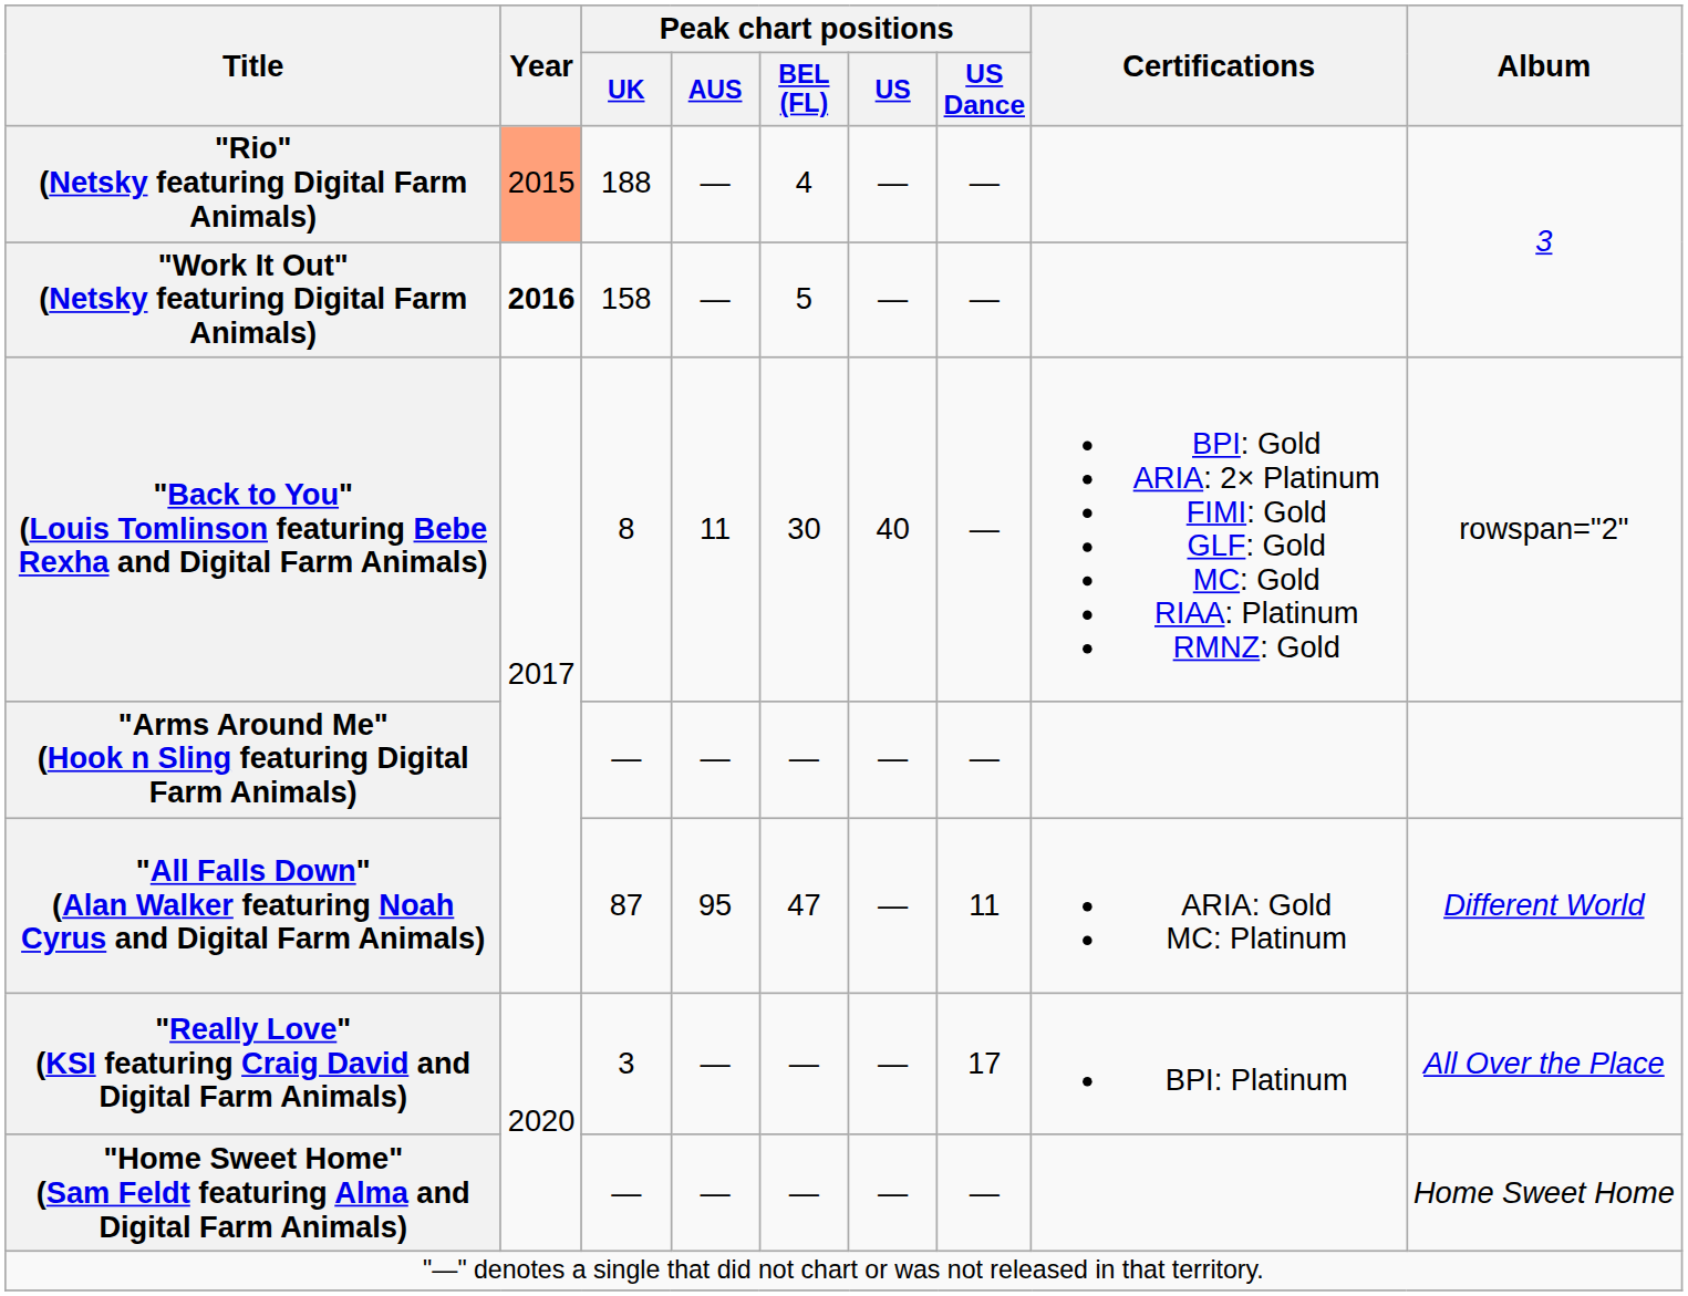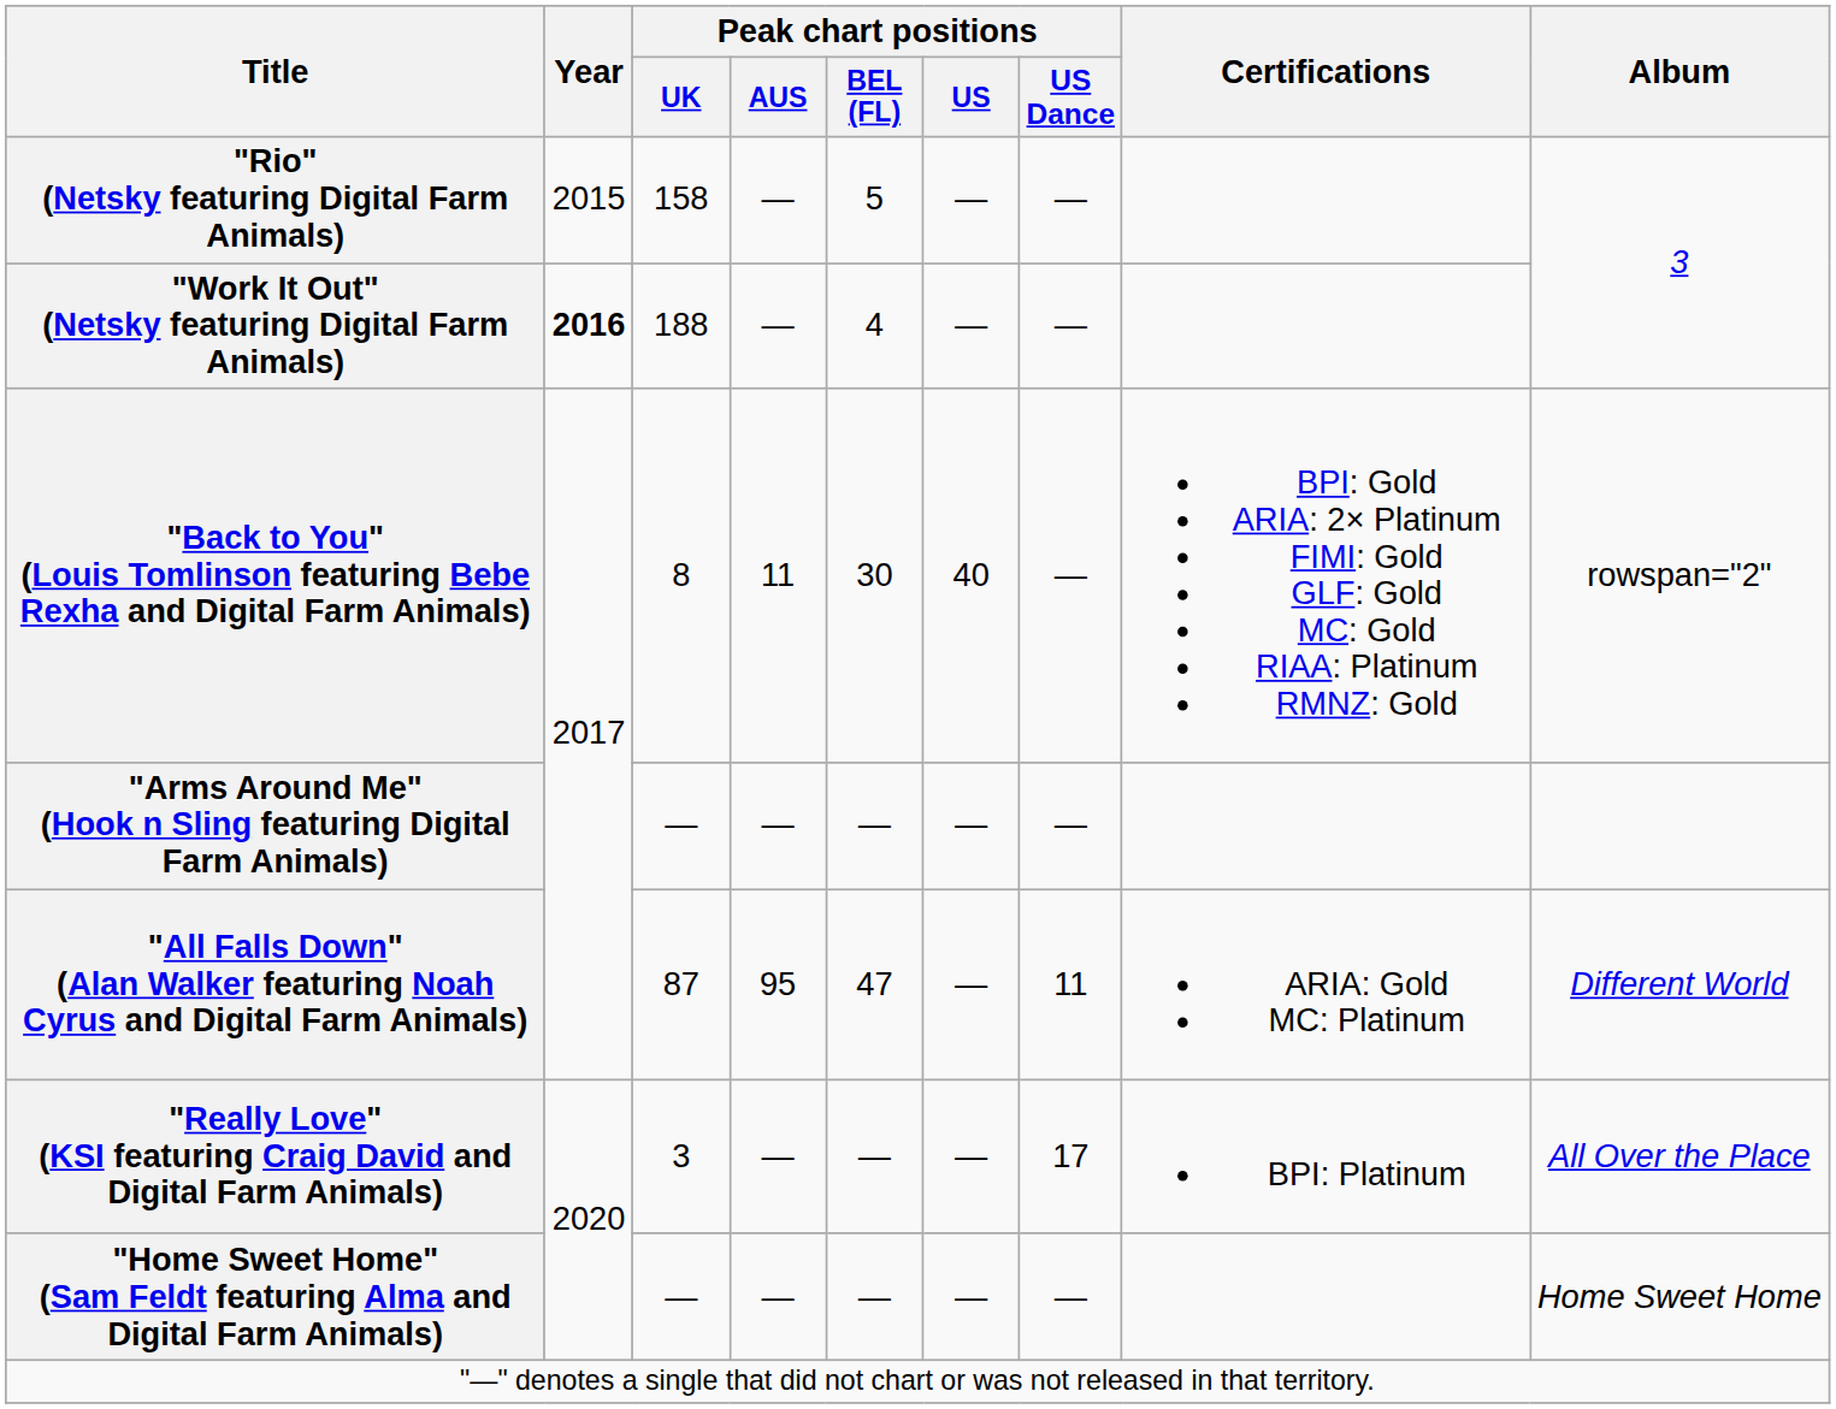 <table class="wikitable plainrowheaders" style="text-align:center;">
 <tr>
 <th scope="col" rowspan="2" style="width:16em;">Title</th>
 <th scope="col" rowspan="2" style="width:1em;">Year</th>
 <th scope="col" colspan="5">Peak chart positions</th>
 <th scope="col" rowspan="2" style="width:12em;">Certifications</th>
 <th scope="col" rowspan="2">Album</th>
 </tr>
 <tr>
 <th scope="col" style="width:3em;font-size:85%;"><a href='#'>UK</a><br></th>
 <th scope="col" style="width:3em;font-size:85%;"><a href='#'>AUS</a><br></th>
 <th scope="col" style="width:3em;font-size:85%;"><a href='#'>BEL (FL)</a><br></th>
 <th scope="col" style="width:3em;font-size:85%;"><a href='#'>US</a><br></th>
 <th scope="col" style="width:2.5em;font-size:90%;"><a href='#'>US<br>Dance</a><br></th>
 </tr>
 <tr>
 <th scope="row">"Rio"<br><span>(<a href='#'>Netsky</a> featuring Digital Farm Animals)</span></th>
-<td style="background: lightsalmon;">2015</td>
-<td>188</td>
+<td>2015</td>
+<td>158</td>
 <td>—</td>
-<td>4</td>
+<td>5</td>
 <td>—</td>
 <td>—</td>
 <td></td>
 <td rowspan="2"><em><a href='#'>3</a></em></td>
 </tr>
 <tr>
 <th scope="row">"Work It Out"<br><span>(<a href='#'>Netsky</a> featuring Digital Farm Animals)</span></th>
 <td><strong>2016</strong></td>
-<td>158</td>
+<td>188</td>
 <td>—</td>
-<td>5</td>
+<td>4</td>
 <td>—</td>
 <td>—</td>
 <td></td>
 </tr>
 <tr>
 <th scope="row">"<a href='#'>Back to You</a>"<br><span>(<a href='#'>Louis Tomlinson</a> featuring <a href='#'>Bebe Rexha</a> and Digital Farm Animals)</span></th>
 <td rowspan="3">2017</td>
 <td>8</td>
 <td>11</td>
 <td>30</td>
 <td>40</td>
 <td>—</td>
 <td><br><ul><li><a href='#'>BPI</a>: Gold</li><li><a href='#'>ARIA</a>: 2× Platinum</li><li><a href='#'>FIMI</a>: Gold</li><li><a href='#'>GLF</a>: Gold</li><li><a href='#'>MC</a>: Gold</li><li><a href='#'>RIAA</a>: Platinum</li><li><a href='#'>RMNZ</a>: Gold</li></ul></td>
 <td>rowspan="2" </td>
 </tr>
 <tr>
 <th scope="row">"Arms Around Me"<br><span>(<a href='#'>Hook n Sling</a> featuring Digital Farm Animals)</span></th>
 <td>—</td>
 <td>—</td>
 <td>—</td>
 <td>—</td>
 <td>—</td>
 <td></td>
 </tr>
 <tr>
 <th scope="row">"<a href='#'>All Falls Down</a>"<br><span>(<a href='#'>Alan Walker</a> featuring <a href='#'>Noah Cyrus</a> and Digital Farm Animals)</span></th>
 <td>87</td>
 <td>95</td>
 <td>47</td>
 <td>—</td>
 <td>11</td>
 <td><br><ul><li>ARIA: Gold</li><li>MC: Platinum</li></ul></td>
 <td><em><a href='#'>Different World</a></em></td>
 </tr>
 <tr>
 <th scope="row">"<a href='#'>Really Love</a>"<br><span>(<a href='#'>KSI</a> featuring <a href='#'>Craig David</a> and Digital Farm Animals)</span></th>
 <td rowspan="2">2020</td>
 <td>3</td>
 <td>—</td>
 <td>—</td>
 <td>—</td>
 <td>17</td>
 <td><br><ul><li>BPI: Platinum</li></ul></td>
 <td><em><a href='#'>All Over the Place</a></em></td>
 </tr>
 <tr>
 <th scope="row">"Home Sweet Home" <br><span>(<a href='#'>Sam Feldt</a> featuring <a href='#'>Alma</a> and Digital Farm Animals)</span></th>
 <td>—</td>
 <td>—</td>
 <td>—</td>
 <td>—</td>
 <td>—</td>
 <td></td>
 <td><em>Home Sweet Home</em></td>
 </tr>
 <tr>
 <td colspan="9" style="text-align:center; font-size:85%;">"—" denotes a single that did not chart or was not released in that territory.</td>
 </tr>
 </table>
